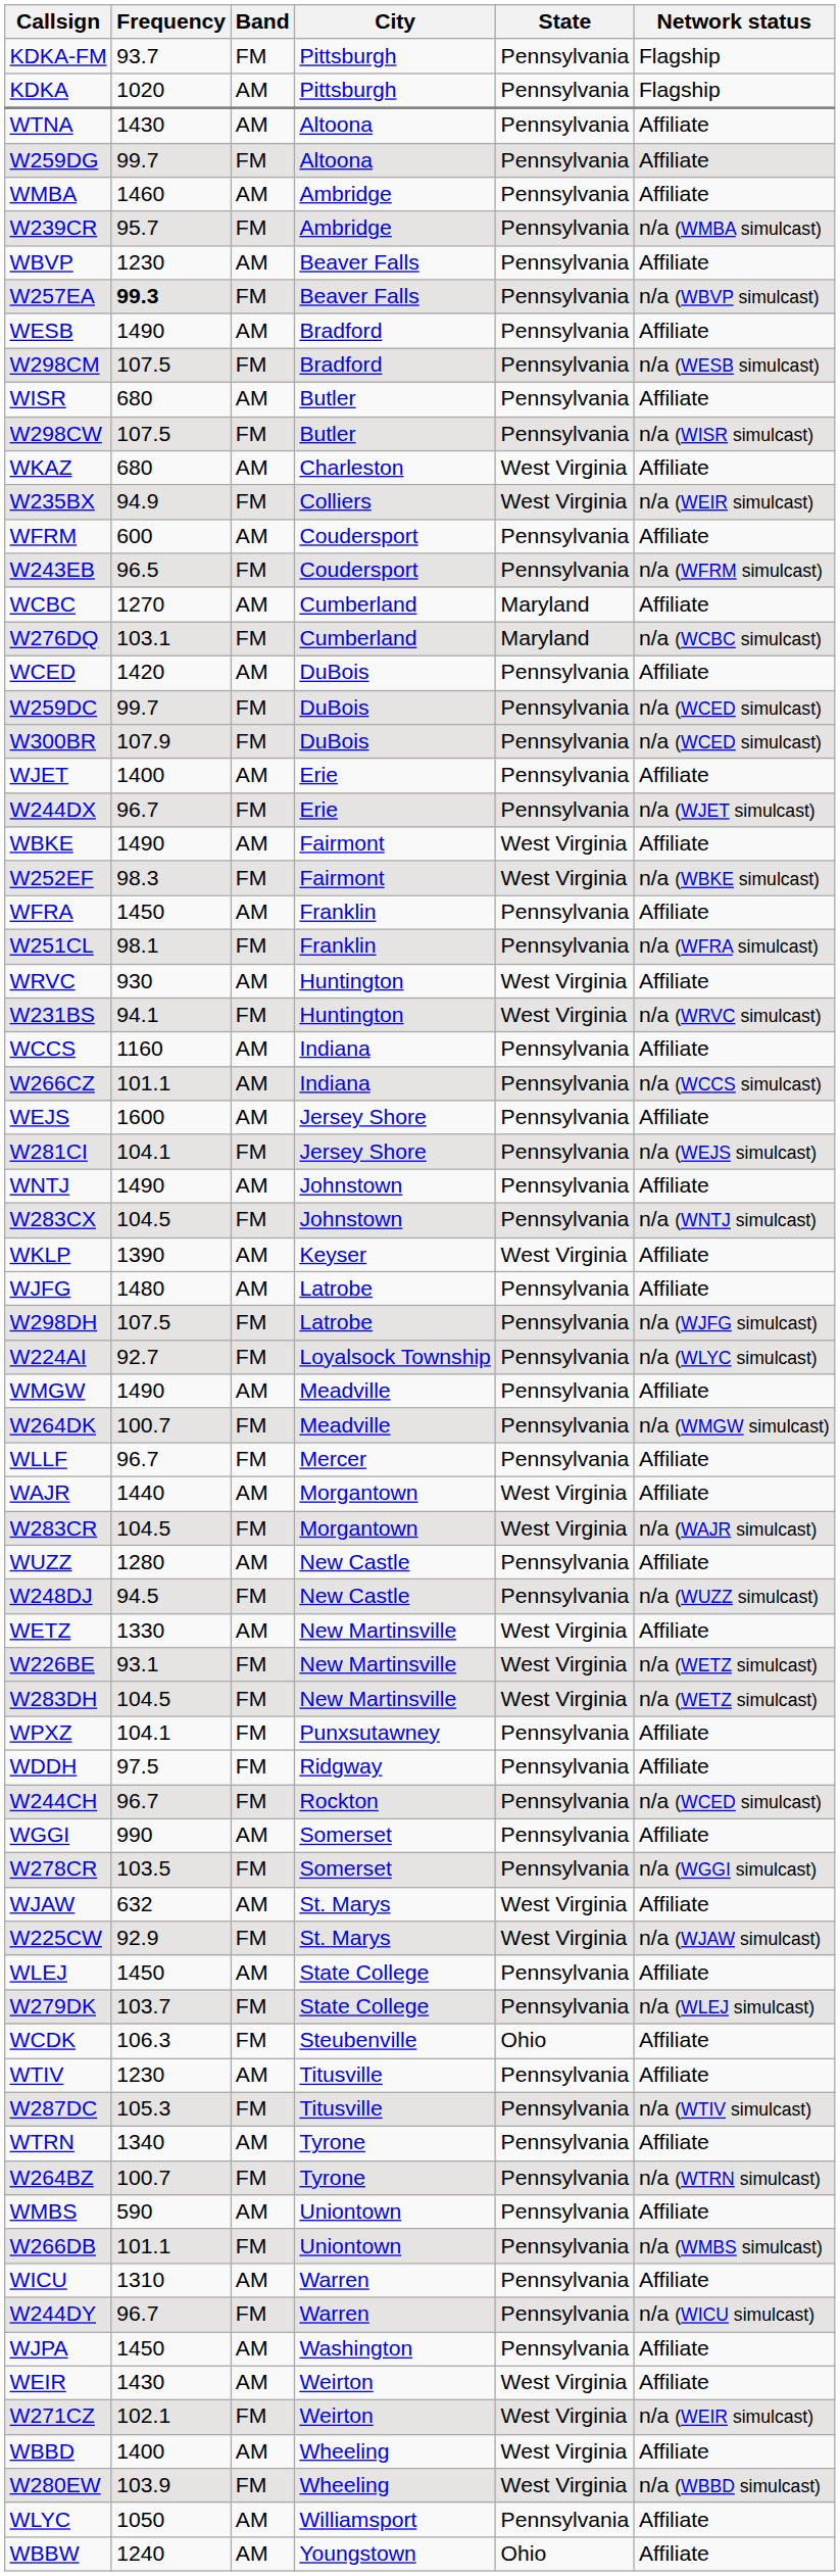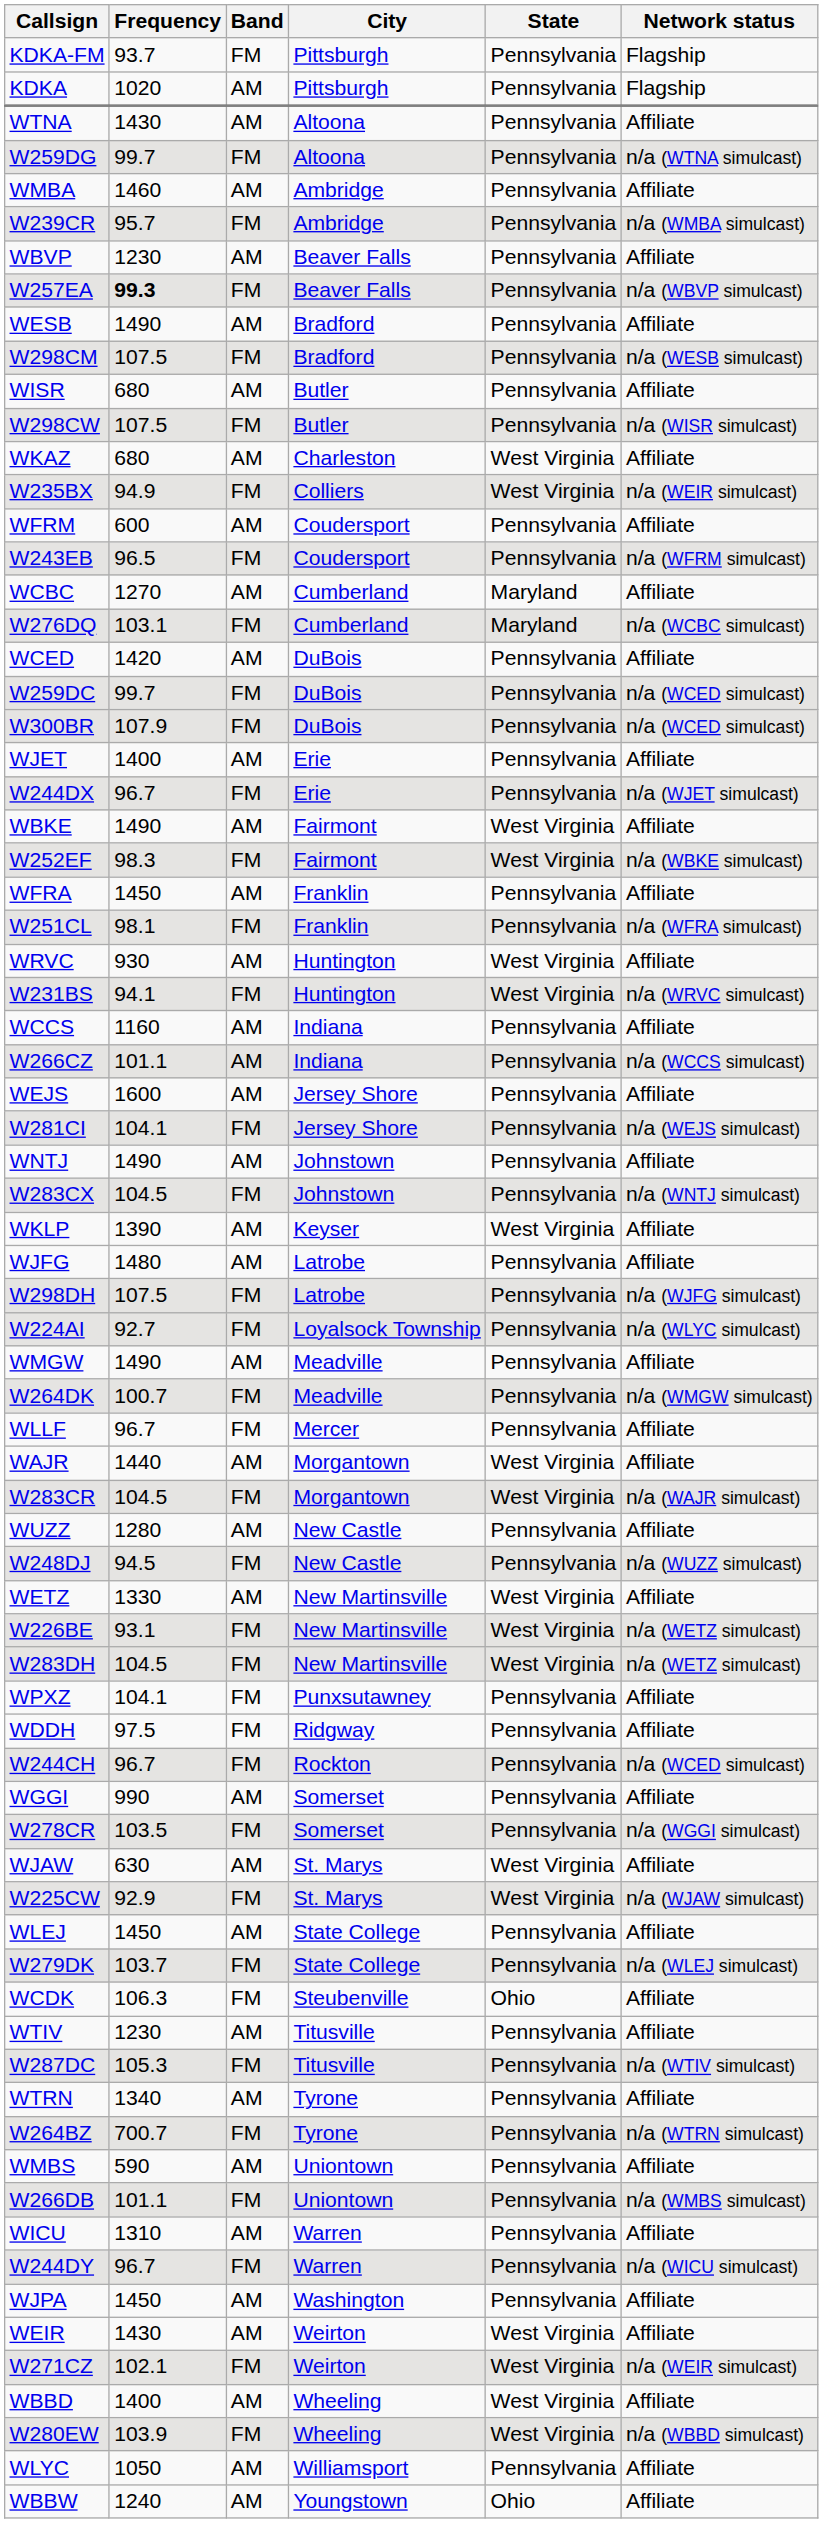 <table class="wikitable sortable">
 <tr>
 <th>Callsign</th>
 <th>Frequency</th>
 <th>Band</th>
 <th>City</th>
 <th>State</th>
 <th>Network status</th>
 </tr>
 <tr>
 <td><a href='#'>KDKA-FM</a></td>
 <td data-sort-value=093700>93.7</td>
 <td>FM</td>
 <td><a href='#'>Pittsburgh</a></td>
 <td>Pennsylvania</td>
 <td>Flagship</td>
 </tr>
 <tr style="border-bottom: 2px solid grey">
 <td><a href='#'>KDKA</a></td>
 <td data-sort-value=001020>1020</td>
 <td>AM</td>
 <td><a href='#'>Pittsburgh</a></td>
 <td>Pennsylvania</td>
 <td>Flagship</td>
 </tr>
 <tr>
 <td><a href='#'>WTNA</a></td>
 <td data-sort-value=001430>1430</td>
 <td>AM</td>
 <td><a href='#'>Altoona</a></td>
 <td>Pennsylvania</td>
 <td>Affiliate</td>
 </tr>
 <tr style="background:#E5E4E2">
 <td><a href='#'>W259DG</a></td>
 <td data-sort-value=099791>99.7</td>
 <td>FM</td>
 <td><a href='#'>Altoona</a></td>
 <td>Pennsylvania</td>
-<td>Affiliate</td>
+<td>n/a <small>(<a href='#'>WTNA</a> simulcast)</small></td>
 </tr>
 <tr>
 <td><a href='#'>WMBA</a></td>
 <td data-sort-value=001460>1460</td>
 <td>AM</td>
 <td><a href='#'>Ambridge</a></td>
 <td>Pennsylvania</td>
 <td>Affiliate</td>
 </tr>
 <tr style="background:#E5E4E2">
 <td><a href='#'>W239CR</a></td>
 <td data-sort-value=095790>95.7</td>
 <td>FM</td>
 <td><a href='#'>Ambridge</a></td>
 <td>Pennsylvania</td>
 <td>n/a <small>(<a href='#'>WMBA</a> simulcast)</small></td>
 </tr>
 <tr>
 <td><a href='#'>WBVP</a></td>
 <td data-sort-value=001230>1230</td>
 <td>AM</td>
 <td><a href='#'>Beaver Falls</a></td>
 <td>Pennsylvania</td>
 <td>Affiliate</td>
 </tr>
 <tr style="background:#E5E4E2">
 <td><a href='#'>W257EA</a></td>
 <td data-sort-value=099390><strong>99.3</strong></td>
 <td>FM</td>
 <td><a href='#'>Beaver Falls</a></td>
 <td>Pennsylvania</td>
 <td>n/a <small>(<a href='#'>WBVP</a> simulcast)</small></td>
 </tr>
 <tr>
 <td><a href='#'>WESB</a></td>
 <td data-sort-value=001490>1490</td>
 <td>AM</td>
 <td><a href='#'>Bradford</a></td>
 <td>Pennsylvania</td>
 <td>Affiliate</td>
 </tr>
 <tr style="background:#E5E4E2">
 <td><a href='#'>W298CM</a></td>
 <td data-sort-value=107590>107.5</td>
 <td>FM</td>
 <td><a href='#'>Bradford</a></td>
 <td>Pennsylvania</td>
 <td>n/a <small>(<a href='#'>WESB</a> simulcast)</small></td>
 </tr>
 <tr>
 <td><a href='#'>WISR</a></td>
 <td data-sort-value=000680>680</td>
 <td>AM</td>
 <td><a href='#'>Butler</a></td>
 <td>Pennsylvania</td>
 <td>Affiliate</td>
 </tr>
 <tr style="background:#E5E4E2">
 <td><a href='#'>W298CW</a></td>
 <td data-sort-value=107591>107.5</td>
 <td>FM</td>
 <td><a href='#'>Butler</a></td>
 <td>Pennsylvania</td>
 <td>n/a <small>(<a href='#'>WISR</a> simulcast)</small></td>
 </tr>
 <tr>
 <td><a href='#'>WKAZ</a></td>
 <td data-sort-value=000680>680</td>
 <td>AM</td>
 <td><a href='#'>Charleston</a></td>
 <td>West Virginia</td>
 <td>Affiliate</td>
 </tr>
 <tr style="background:#E5E4E2">
 <td><a href='#'>W235BX</a></td>
 <td data-sort-value=094990>94.9</td>
 <td>FM</td>
 <td><a href='#'>Colliers</a></td>
 <td>West Virginia</td>
 <td>n/a <small>(<a href='#'>WEIR</a> simulcast)</small></td>
 </tr>
 <tr>
 <td><a href='#'>WFRM</a></td>
 <td data-sort-value=000600>600</td>
 <td>AM</td>
 <td><a href='#'>Coudersport</a></td>
 <td>Pennsylvania</td>
 <td>Affiliate</td>
 </tr>
 <tr style="background:#E5E4E2">
 <td><a href='#'>W243EB</a></td>
 <td data-sort-value=096590>96.5</td>
 <td>FM</td>
 <td><a href='#'>Coudersport</a></td>
 <td>Pennsylvania</td>
 <td>n/a <small>(<a href='#'>WFRM</a> simulcast)</small></td>
 </tr>
 <tr>
 <td><a href='#'>WCBC</a></td>
 <td data-sort-value=001270>1270</td>
 <td>AM</td>
 <td><a href='#'>Cumberland</a></td>
 <td>Maryland</td>
 <td>Affiliate</td>
 </tr>
 <tr style="background:#E5E4E2">
 <td><a href='#'>W276DQ</a></td>
 <td data-sort-value=103190>103.1</td>
 <td>FM</td>
 <td><a href='#'>Cumberland</a></td>
 <td>Maryland</td>
 <td>n/a <small>(<a href='#'>WCBC</a> simulcast)</small></td>
 </tr>
 <tr>
 <td><a href='#'>WCED</a></td>
 <td data-sort-value=001420>1420</td>
 <td>AM</td>
 <td><a href='#'>DuBois</a></td>
 <td>Pennsylvania</td>
 <td>Affiliate</td>
 </tr>
 <tr style="background:#E5E4E2">
 <td><a href='#'>W259DC</a></td>
 <td data-sort-value=099791>99.7</td>
 <td>FM</td>
 <td><a href='#'>DuBois</a></td>
 <td>Pennsylvania</td>
 <td>n/a <small>(<a href='#'>WCED</a> simulcast)</small></td>
 </tr>
 <tr style="background:#E5E4E2">
 <td><a href='#'>W300BR</a></td>
 <td data-sort-value=107990>107.9</td>
 <td>FM</td>
 <td><a href='#'>DuBois</a></td>
 <td>Pennsylvania</td>
 <td>n/a <small>(<a href='#'>WCED</a> simulcast)</small></td>
 </tr>
 <tr>
 <td><a href='#'>WJET</a></td>
 <td data-sort-value=001400>1400</td>
 <td>AM</td>
 <td><a href='#'>Erie</a></td>
 <td>Pennsylvania</td>
 <td>Affiliate</td>
 </tr>
 <tr style="background:#E5E4E2">
 <td><a href='#'>W244DX</a></td>
 <td data-sort-value=096791>96.7</td>
 <td>FM</td>
 <td><a href='#'>Erie</a></td>
 <td>Pennsylvania</td>
 <td>n/a <small>(<a href='#'>WJET</a> simulcast)</small></td>
 </tr>
 <tr>
 <td><a href='#'>WBKE</a></td>
 <td data-sort-value=001490>1490</td>
 <td>AM</td>
 <td><a href='#'>Fairmont</a></td>
 <td>West Virginia</td>
 <td>Affiliate</td>
 </tr>
 <tr style="background:#E5E4E2">
 <td><a href='#'>W252EF</a></td>
 <td data-sort-value=098390>98.3</td>
 <td>FM</td>
 <td><a href='#'>Fairmont</a></td>
 <td>West Virginia</td>
 <td>n/a <small>(<a href='#'>WBKE</a> simulcast)</small></td>
 </tr>
 <tr>
 <td><a href='#'>WFRA</a></td>
 <td data-sort-value=001450>1450</td>
 <td>AM</td>
 <td><a href='#'>Franklin</a></td>
 <td>Pennsylvania</td>
 <td>Affiliate</td>
 </tr>
 <tr style="background:#E5E4E2">
 <td><a href='#'>W251CL</a></td>
 <td data-sort-value=098190>98.1</td>
 <td>FM</td>
 <td><a href='#'>Franklin</a></td>
 <td>Pennsylvania</td>
 <td>n/a <small>(<a href='#'>WFRA</a> simulcast)</small></td>
 </tr>
 <tr>
 <td><a href='#'>WRVC</a></td>
 <td data-sort-value=000930>930</td>
 <td>AM</td>
 <td><a href='#'>Huntington</a></td>
 <td>West Virginia</td>
 <td>Affiliate</td>
 </tr>
 <tr style="background:#E5E4E2">
 <td><a href='#'>W231BS</a></td>
 <td data-sort-value=094190>94.1</td>
 <td>FM</td>
 <td><a href='#'>Huntington</a></td>
 <td>West Virginia</td>
 <td>n/a <small>(<a href='#'>WRVC</a> simulcast)</small></td>
 </tr>
 <tr>
 <td><a href='#'>WCCS</a></td>
 <td data-sort-value=001160>1160</td>
 <td>AM</td>
 <td><a href='#'>Indiana</a></td>
 <td>Pennsylvania</td>
 <td>Affiliate</td>
 </tr>
 <tr style="background:#E5E4E2">
 <td><a href='#'>W266CZ</a></td>
 <td data-sort-value=101190>101.1</td>
 <td>AM</td>
 <td><a href='#'>Indiana</a></td>
 <td>Pennsylvania</td>
 <td>n/a <small>(<a href='#'>WCCS</a> simulcast)</small></td>
 </tr>
 <tr>
 <td><a href='#'>WEJS</a></td>
 <td data-sort-value=001600>1600</td>
 <td>AM</td>
 <td><a href='#'>Jersey Shore</a></td>
 <td>Pennsylvania</td>
 <td>Affiliate</td>
 </tr>
 <tr style="background:#E5E4E2">
 <td><a href='#'>W281CI</a></td>
 <td data-sort-value=104190>104.1</td>
 <td>FM</td>
 <td><a href='#'>Jersey Shore</a></td>
 <td>Pennsylvania</td>
 <td>n/a <small>(<a href='#'>WEJS</a> simulcast)</small></td>
 </tr>
 <tr>
 <td><a href='#'>WNTJ</a></td>
 <td data-sort-value=001490>1490</td>
 <td>AM</td>
 <td><a href='#'>Johnstown</a></td>
 <td>Pennsylvania</td>
 <td>Affiliate</td>
 </tr>
 <tr style="background:#E5E4E2">
 <td><a href='#'>W283CX</a></td>
 <td data-sort-value=104591>104.5</td>
 <td>FM</td>
 <td><a href='#'>Johnstown</a></td>
 <td>Pennsylvania</td>
 <td>n/a <small>(<a href='#'>WNTJ</a> simulcast)</small></td>
 </tr>
 <tr>
 <td><a href='#'>WKLP</a></td>
 <td data-sort-value=001390>1390</td>
 <td>AM</td>
 <td><a href='#'>Keyser</a></td>
 <td>West Virginia</td>
 <td>Affiliate</td>
 </tr>
 <tr>
 <td><a href='#'>WJFG</a></td>
 <td data-sort-value=001480>1480</td>
 <td>AM</td>
 <td><a href='#'>Latrobe</a></td>
 <td>Pennsylvania</td>
 <td>Affiliate</td>
 </tr>
 <tr style="background:#E5E4E2">
 <td><a href='#'>W298DH</a></td>
 <td data-sort-value=107592>107.5</td>
 <td>FM</td>
 <td><a href='#'>Latrobe</a></td>
 <td>Pennsylvania</td>
 <td>n/a <small>(<a href='#'>WJFG</a> simulcast)</small></td>
 </tr>
 <tr style="background:#E5E4E2">
 <td><a href='#'>W224AI</a></td>
 <td data-sort-value=092790>92.7</td>
 <td>FM</td>
 <td><a href='#'>Loyalsock Township</a></td>
 <td>Pennsylvania</td>
 <td>n/a <small>(<a href='#'>WLYC</a> simulcast)</small></td>
 </tr>
 <tr>
 <td><a href='#'>WMGW</a></td>
 <td data-sort-value=001490>1490</td>
 <td>AM</td>
 <td><a href='#'>Meadville</a></td>
 <td>Pennsylvania</td>
 <td>Affiliate</td>
 </tr>
 <tr style="background:#E5E4E2">
 <td><a href='#'>W264DK</a></td>
 <td data-sort-value=100791>100.7</td>
 <td>FM</td>
 <td><a href='#'>Meadville</a></td>
 <td>Pennsylvania</td>
 <td>n/a <small>(<a href='#'>WMGW</a> simulcast)</small></td>
 </tr>
 <tr>
 <td><a href='#'>WLLF</a></td>
 <td data-sort-value=096700>96.7</td>
 <td>FM</td>
 <td><a href='#'>Mercer</a></td>
 <td>Pennsylvania</td>
 <td>Affiliate</td>
 </tr>
 <tr>
 <td><a href='#'>WAJR</a></td>
 <td data-sort-value=001440>1440</td>
 <td>AM</td>
 <td><a href='#'>Morgantown</a></td>
 <td>West Virginia</td>
 <td>Affiliate</td>
 </tr>
 <tr style="background:#E5E4E2">
 <td><a href='#'>W283CR</a></td>
 <td data-sort-value=104590>104.5</td>
 <td>FM</td>
 <td><a href='#'>Morgantown</a></td>
 <td>West Virginia</td>
 <td>n/a <small>(<a href='#'>WAJR</a> simulcast)</small></td>
 </tr>
 <tr>
 <td><a href='#'>WUZZ</a></td>
 <td data-sort-value=001280>1280</td>
 <td>AM</td>
 <td><a href='#'>New Castle</a></td>
 <td>Pennsylvania</td>
 <td>Affiliate</td>
 </tr>
 <tr style="background:#E5E4E2">
 <td><a href='#'>W248DJ</a></td>
 <td data-sort-value=097590>94.5</td>
 <td>FM</td>
 <td><a href='#'>New Castle</a></td>
 <td>Pennsylvania</td>
 <td>n/a <small>(<a href='#'>WUZZ</a> simulcast)</small></td>
 </tr>
 <tr>
 <td><a href='#'>WETZ</a></td>
 <td data-sort-value=001330>1330</td>
 <td>AM</td>
 <td><a href='#'>New Martinsville</a></td>
 <td>West Virginia</td>
 <td>Affiliate</td>
 </tr>
 <tr style="background:#E5E4E2">
 <td><a href='#'>W226BE</a></td>
 <td data-sort-value=093190>93.1</td>
 <td>FM</td>
 <td><a href='#'>New Martinsville</a></td>
 <td>West Virginia</td>
 <td>n/a <small>(<a href='#'>WETZ</a> simulcast)</small></td>
 </tr>
 <tr style="background:#E5E4E2">
 <td><a href='#'>W283DH</a></td>
 <td data-sort-value=104592>104.5</td>
 <td>FM</td>
 <td><a href='#'>New Martinsville</a></td>
 <td>West Virginia</td>
 <td>n/a <small>(<a href='#'>WETZ</a> simulcast)</small></td>
 </tr>
 <tr>
 <td><a href='#'>WPXZ</a></td>
 <td data-sort-value=104100>104.1</td>
 <td>FM</td>
 <td><a href='#'>Punxsutawney</a></td>
 <td>Pennsylvania</td>
 <td>Affiliate</td>
 </tr>
 <tr>
 <td><a href='#'>WDDH</a></td>
 <td data-sort-value=097500>97.5</td>
 <td>FM</td>
 <td><a href='#'>Ridgway</a></td>
 <td>Pennsylvania</td>
 <td>Affiliate</td>
 </tr>
 <tr style="background:#E5E4E2">
 <td><a href='#'>W244CH</a></td>
 <td data-sort-value=096790>96.7</td>
 <td>FM</td>
 <td><a href='#'>Rockton</a></td>
 <td>Pennsylvania</td>
 <td>n/a <small>(<a href='#'>WCED</a> simulcast)</small></td>
 </tr>
 <tr>
 <td><a href='#'>WGGI</a></td>
 <td data-sort-value=000990>990</td>
 <td>AM</td>
 <td><a href='#'>Somerset</a></td>
 <td>Pennsylvania</td>
 <td>Affiliate</td>
 </tr>
 <tr style="background:#E5E4E2">
 <td><a href='#'>W278CR</a></td>
 <td data-sort-value=103590>103.5</td>
 <td>FM</td>
 <td><a href='#'>Somerset</a></td>
 <td>Pennsylvania</td>
 <td>n/a <small>(<a href='#'>WGGI</a> simulcast)</small></td>
 </tr>
 <tr>
 <td><a href='#'>WJAW</a></td>
-<td data-sort-value=000630>632</td>
+<td data-sort-value=000630>630</td>
 <td>AM</td>
 <td><a href='#'>St. Marys</a></td>
 <td>West Virginia</td>
 <td>Affiliate</td>
 </tr>
 <tr style="background:#E5E4E2">
 <td><a href='#'>W225CW</a></td>
 <td data-sort-value=092990>92.9</td>
 <td>FM</td>
 <td><a href='#'>St. Marys</a></td>
 <td>West Virginia</td>
 <td>n/a <small>(<a href='#'>WJAW</a> simulcast)</small></td>
 </tr>
 <tr>
 <td><a href='#'>WLEJ</a></td>
 <td data-sort-value=001450>1450</td>
 <td>AM</td>
 <td><a href='#'>State College</a></td>
 <td>Pennsylvania</td>
 <td>Affiliate</td>
 </tr>
 <tr style="background:#E5E4E2">
 <td><a href='#'>W279DK</a></td>
 <td data-sort-value=103790>103.7</td>
 <td>FM</td>
 <td><a href='#'>State College</a></td>
 <td>Pennsylvania</td>
 <td>n/a <small>(<a href='#'>WLEJ</a> simulcast)</small></td>
 </tr>
 <tr>
 <td><a href='#'>WCDK</a></td>
 <td data-sort-value=106300>106.3</td>
 <td>FM</td>
 <td><a href='#'>Steubenville</a></td>
 <td>Ohio</td>
 <td>Affiliate</td>
 </tr>
 <tr>
 <td><a href='#'>WTIV</a></td>
 <td data-sort-value=001230>1230</td>
 <td>AM</td>
 <td><a href='#'>Titusville</a></td>
 <td>Pennsylvania</td>
 <td>Affiliate</td>
 </tr>
 <tr style="background:#E5E4E2">
 <td><a href='#'>W287DC</a></td>
 <td data-sort-value=105390>105.3</td>
 <td>FM</td>
 <td><a href='#'>Titusville</a></td>
 <td>Pennsylvania</td>
 <td>n/a <small>(<a href='#'>WTIV</a> simulcast)</small></td>
 </tr>
 <tr>
 <td><a href='#'>WTRN</a></td>
 <td data-sort-value=001340>1340</td>
 <td>AM</td>
 <td><a href='#'>Tyrone</a></td>
 <td>Pennsylvania</td>
 <td>Affiliate</td>
 </tr>
 <tr style="background:#E5E4E2">
 <td><a href='#'>W264BZ</a></td>
-<td data-sort-value=100790>100.7</td>
+<td data-sort-value=100790>700.7</td>
 <td>FM</td>
 <td><a href='#'>Tyrone</a></td>
 <td>Pennsylvania</td>
 <td>n/a <small>(<a href='#'>WTRN</a> simulcast)</small></td>
 </tr>
 <tr>
 <td><a href='#'>WMBS</a></td>
 <td data-sort-value=000590>590</td>
 <td>AM</td>
 <td><a href='#'>Uniontown</a></td>
 <td>Pennsylvania</td>
 <td>Affiliate</td>
 </tr>
 <tr style="background:#E5E4E2">
 <td><a href='#'>W266DB</a></td>
 <td data-sort-value=101191>101.1</td>
 <td>FM</td>
 <td><a href='#'>Uniontown</a></td>
 <td>Pennsylvania</td>
 <td>n/a <small>(<a href='#'>WMBS</a> simulcast)</small></td>
 </tr>
 <tr>
 <td><a href='#'>WICU</a></td>
 <td data-sort-value=001310>1310</td>
 <td>AM</td>
 <td><a href='#'>Warren</a></td>
 <td>Pennsylvania</td>
 <td>Affiliate</td>
 </tr>
 <tr style="background:#E5E4E2">
 <td><a href='#'>W244DY</a></td>
 <td data-sort-value=096792>96.7</td>
 <td>FM</td>
 <td><a href='#'>Warren</a></td>
 <td>Pennsylvania</td>
 <td>n/a <small>(<a href='#'>WICU</a> simulcast)</small></td>
 </tr>
 <tr>
 <td><a href='#'>WJPA</a></td>
 <td data-sort-value=001450>1450</td>
 <td>AM</td>
 <td><a href='#'>Washington</a></td>
 <td>Pennsylvania</td>
 <td>Affiliate</td>
 </tr>
 <tr>
 <td><a href='#'>WEIR</a></td>
 <td data-sort-value=001430>1430</td>
 <td>AM</td>
 <td><a href='#'>Weirton</a></td>
 <td>West Virginia</td>
 <td>Affiliate</td>
 </tr>
 <tr style="background:#E5E4E2">
 <td><a href='#'>W271CZ</a></td>
 <td data-sort-value=102190>102.1</td>
 <td>FM</td>
 <td><a href='#'>Weirton</a></td>
 <td>West Virginia</td>
 <td>n/a <small>(<a href='#'>WEIR</a> simulcast)</small></td>
 </tr>
 <tr>
 <td><a href='#'>WBBD</a></td>
 <td data-sort-value=001400>1400</td>
 <td>AM</td>
 <td><a href='#'>Wheeling</a></td>
 <td>West Virginia</td>
 <td>Affiliate</td>
 </tr>
 <tr style="background:#E5E4E2">
 <td><a href='#'>W280EW</a></td>
 <td data-sort-value=103990>103.9</td>
 <td>FM</td>
 <td><a href='#'>Wheeling</a></td>
 <td>West Virginia</td>
 <td>n/a <small>(<a href='#'>WBBD</a> simulcast)</small></td>
 </tr>
 <tr>
 <td><a href='#'>WLYC</a></td>
 <td data-sort-value=001050>1050</td>
 <td>AM</td>
 <td><a href='#'>Williamsport</a></td>
 <td>Pennsylvania</td>
 <td>Affiliate</td>
 </tr>
 <tr>
 <td><a href='#'>WBBW</a></td>
 <td data-sort-value=001240>1240</td>
 <td>AM</td>
 <td><a href='#'>Youngstown</a></td>
 <td>Ohio</td>
 <td>Affiliate</td>
 </tr>
 </table>
